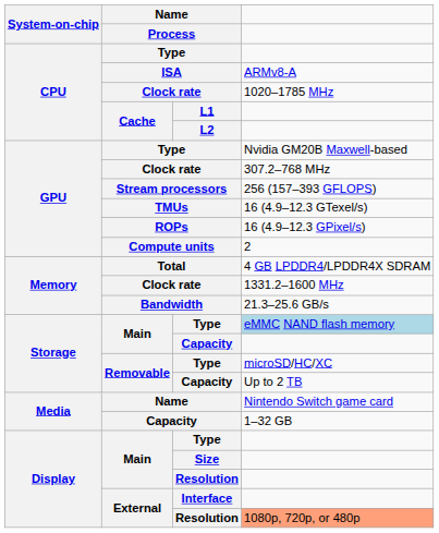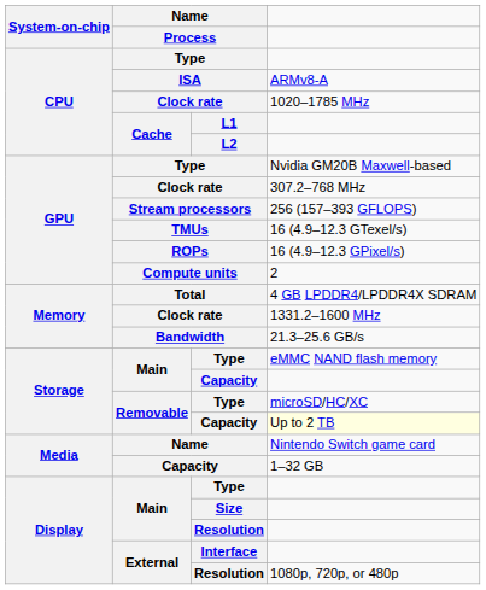 <table class="wikitable mw-collapsible floatright">
 <tr>
 <th scope="rowgroup" rowspan="2"><a href='#'>System-on-chip</a></th>
 <th scope="row" colspan="2">Name</th>
 <td></td>
 </tr>
 <tr>
 <th scope="row" colspan="2"><a href='#'>Process</a></th>
 <td></td>
 </tr>
 <tr>
 <th scope="rowgroup" rowspan="5"><a href='#'>CPU</a></th>
 <th scope="row" colspan="2">Type</th>
 <td></td>
 </tr>
 <tr>
 <th scope="row" colspan="2"><a href='#'>ISA</a></th>
 <td><a href='#'>ARMv8-A</a></td>
 </tr>
 <tr>
 <th scope="row" colspan="2"><a href='#'>Clock rate</a></th>
 <td>1020–1785 <a href='#'>MHz</a></td>
 </tr>
 <tr>
 <th scope="rowgroup" rowspan="2"><a href='#'>Cache</a></th>
 <th scope="row"><a href='#'>L1</a></th>
 <td></td>
 </tr>
 <tr>
 <th scope="row"><a href='#'>L2</a></th>
 <td></td>
 </tr>
 <tr>
 <th scope="rowgroup" rowspan="6"><a href='#'>GPU</a></th>
 <th scope="row" colspan="2">Type</th>
 <td>Nvidia GM20B <a href='#'>Maxwell</a>-based</td>
 </tr>
 <tr>
 <th scope="row" colspan="2">Clock rate</th>
 <td>307.2–768 MHz</td>
 </tr>
 <tr>
 <th scope="row" colspan="2"><a href='#'>Stream processors</a></th>
 <td>256 (157–393 <a href='#'>GFLOPS</a>)</td>
 </tr>
 <tr>
 <th scope="row" colspan="2"><a href='#'>TMUs</a></th>
 <td>16 (4.9–12.3 GTexel/s)</td>
 </tr>
 <tr>
 <th scope="row" colspan="2"><a href='#'>ROPs</a></th>
 <td>16 (4.9–12.3 <a href='#'>GPixel/s</a>)</td>
 </tr>
 <tr>
 <th scope="row" colspan="2"><a href='#'>Compute units</a></th>
 <td>2</td>
 </tr>
 <tr>
 <th scope="rowgroup" rowspan="3"><a href='#'>Memory</a></th>
 <th scope="row" colspan="2">Total</th>
 <td>4 <a href='#'>GB</a> <a href='#'>LPDDR4</a>/LPDDR4X SDRAM</td>
 </tr>
 <tr>
 <th scope="row" colspan="2">Clock rate</th>
 <td>1331.2–1600 <a href='#'>MHz</a></td>
 </tr>
 <tr>
 <th scope="row" colspan="2"><a href='#'>Bandwidth</a></th>
 <td>21.3–25.6 GB/s</td>
 </tr>
 <tr>
 <th scope="rowgroup" rowspan="4"><a href='#'>Storage</a></th>
 <th scope="rowgroup" rowspan="2">Main</th>
 <th scope="row">Type</th>
-<td style="background: lightblue;"><a href='#'>eMMC</a> <a href='#'>NAND flash memory</a></td>
+<td><a href='#'>eMMC</a> <a href='#'>NAND flash memory</a></td>
 </tr>
 <tr>
 <th scope="row"><a href='#'>Capacity</a></th>
 <td></td>
 </tr>
 <tr>
 <th scope="rowgroup" rowspan="2"><a href='#'>Removable</a></th>
 <th scope="row">Type</th>
 <td><a href='#'>microSD</a>/<a href='#'>HC</a>/<a href='#'>XC</a></td>
 </tr>
 <tr>
 <th scope="row">Capacity</th>
-<td>Up to 2 <a href='#'>TB</a></td>
+<td style="background: lightyellow;">Up to 2 <a href='#'>TB</a></td>
 </tr>
 <tr>
 <th scope="rowgroup" rowspan="2"><a href='#'>Media</a></th>
 <th scope="row" colspan="2">Name</th>
 <td><a href='#'>Nintendo Switch game card</a></td>
 </tr>
 <tr>
 <th scope="row" colspan="2">Capacity</th>
 <td>1–32 GB</td>
 </tr>
 <tr>
 <th scope="rowgroup" rowspan="5"><a href='#'>Display</a></th>
 <th scope="rowgroup" rowspan="3">Main</th>
 <th scope="row">Type</th>
 <td></td>
 </tr>
 <tr>
 <th scope="row"><a href='#'>Size</a></th>
 <td></td>
 </tr>
 <tr>
 <th scope="row"><a href='#'>Resolution</a></th>
 <td></td>
 </tr>
 <tr>
 <th scope="rowgroup" rowspan="2">External</th>
 <th scope="row"><a href='#'>Interface</a></th>
 <td></td>
 </tr>
 <tr>
 <th scope="row">Resolution</th>
-<td style="background: lightsalmon;">1080p, 720p, or 480p</td>
+<td>1080p, 720p, or 480p</td>
 </tr>
 </table>
